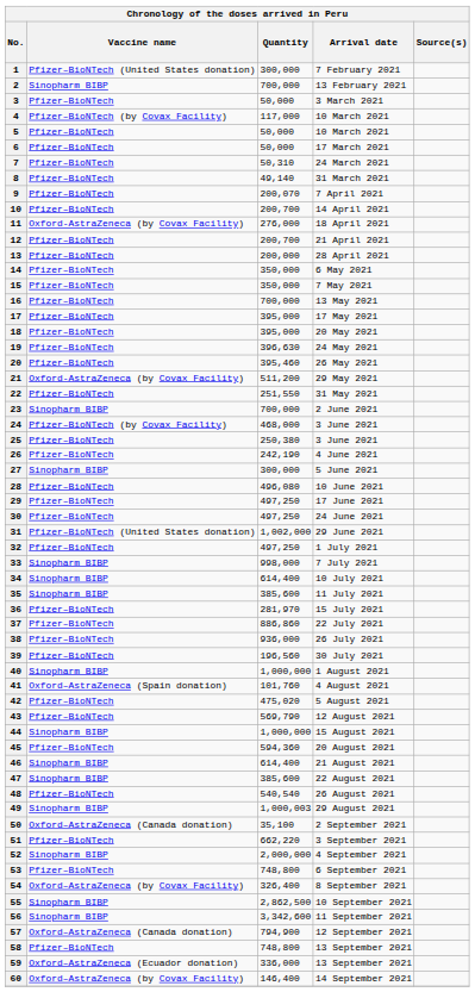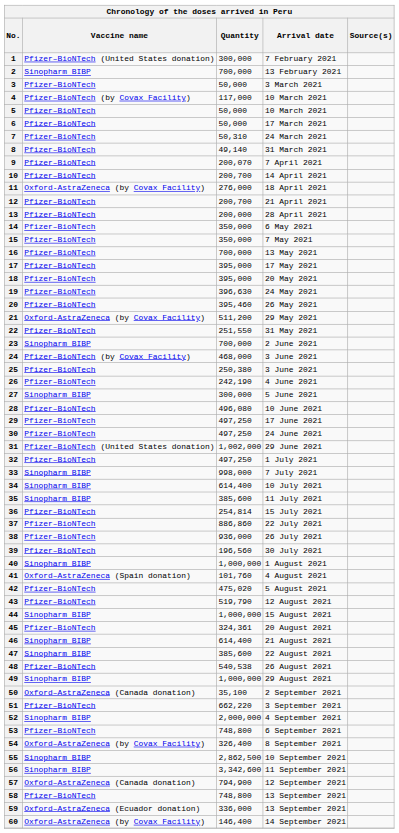 <table class="wikitable" style="display:inline-table">
 <tr>
 <th colspan=5>Chronology of the doses arrived in Peru</th>
 </tr>
 <tr>
 <th height= 50.5>No.</th>
 <th>Vaccine name</th>
 <th>Quantity</th>
 <th>Arrival date</th>
 <th>Source(s)</th>
 </tr>
 <tr>
 <th>1</th>
 <td><a href='#'>Pfizer–BioNTech</a> (United States donation)</td>
 <td>300,000</td>
 <td>7 February 2021</td>
 <td></td>
 </tr>
 <tr>
 <th>2</th>
 <td><a href='#'>Sinopharm BIBP</a></td>
 <td>700,000</td>
 <td>13 February 2021</td>
 <td></td>
 </tr>
 <tr>
 <th>3</th>
 <td><a href='#'>Pfizer–BioNTech</a></td>
 <td>50,000</td>
 <td>3 March 2021</td>
 <td></td>
 </tr>
 <tr>
 <th>4</th>
 <td><a href='#'>Pfizer–BioNTech</a> (by <a href='#'>Covax Facility</a>)</td>
 <td>117,000</td>
 <td>10 March 2021</td>
 <td></td>
 </tr>
 <tr>
 <th>5</th>
 <td><a href='#'>Pfizer–BioNTech</a></td>
 <td>50,000</td>
 <td>10 March 2021</td>
 <td></td>
 </tr>
 <tr>
 <th>6</th>
 <td><a href='#'>Pfizer–BioNTech</a></td>
 <td>50,000</td>
 <td>17 March 2021</td>
 <td></td>
 </tr>
 <tr>
 <th>7</th>
 <td><a href='#'>Pfizer–BioNTech</a></td>
 <td>50,310</td>
 <td>24 March 2021</td>
 <td></td>
 </tr>
 <tr>
 <th>8</th>
 <td><a href='#'>Pfizer–BioNTech</a></td>
 <td>49,140</td>
 <td>31 March 2021</td>
 <td></td>
 </tr>
 <tr>
 <th>9</th>
 <td><a href='#'>Pfizer–BioNTech</a></td>
 <td>200,070</td>
 <td>7 April 2021</td>
 <td></td>
 </tr>
 <tr>
 <th>10</th>
 <td><a href='#'>Pfizer–BioNTech</a></td>
 <td>200,700</td>
 <td>14 April 2021</td>
 <td></td>
 </tr>
 <tr>
 <th>11</th>
 <td><a href='#'>Oxford-AstraZeneca</a> (by <a href='#'>Covax Facility</a>)</td>
 <td>276,000</td>
 <td>18 April 2021</td>
 <td></td>
 </tr>
 <tr>
 <th>12</th>
 <td><a href='#'>Pfizer–BioNTech</a></td>
 <td>200,700</td>
 <td>21 April 2021</td>
 <td></td>
 </tr>
 <tr>
 <th>13</th>
 <td><a href='#'>Pfizer–BioNTech</a></td>
 <td>200,000</td>
 <td>28 April 2021</td>
 <td></td>
 </tr>
 <tr>
 <th>14</th>
 <td><a href='#'>Pfizer–BioNTech</a></td>
 <td>350,000</td>
 <td>6 May 2021</td>
 <td></td>
 </tr>
 <tr>
 <th>15</th>
 <td><a href='#'>Pfizer–BioNTech</a></td>
 <td>350,000</td>
 <td>7 May 2021</td>
 <td></td>
 </tr>
 <tr>
 <th>16</th>
 <td><a href='#'>Pfizer–BioNTech</a></td>
 <td>700,000</td>
 <td>13 May 2021</td>
 <td></td>
 </tr>
 <tr>
 <th>17</th>
 <td><a href='#'>Pfizer–BioNTech</a></td>
 <td>395,000</td>
 <td>17 May 2021</td>
 <td></td>
 </tr>
 <tr>
 <th>18</th>
 <td><a href='#'>Pfizer–BioNTech</a></td>
 <td>395,000</td>
 <td>20 May 2021</td>
 <td></td>
 </tr>
 <tr>
 <th>19</th>
 <td><a href='#'>Pfizer–BioNTech</a></td>
 <td>396,630</td>
 <td>24 May 2021</td>
 <td></td>
 </tr>
 <tr>
 <th>20</th>
 <td><a href='#'>Pfizer–BioNTech</a></td>
 <td>395,460</td>
 <td>26 May 2021</td>
 <td></td>
 </tr>
 <tr>
 <th>21</th>
 <td><a href='#'>Oxford-AstraZeneca</a> (by <a href='#'>Covax Facility</a>)</td>
 <td>511,200</td>
 <td>29 May 2021</td>
 <td></td>
 </tr>
 <tr>
 <th>22</th>
 <td><a href='#'>Pfizer–BioNTech</a></td>
 <td>251,550</td>
 <td>31 May 2021</td>
 <td></td>
 </tr>
 <tr>
 <th>23</th>
 <td><a href='#'>Sinopharm BIBP</a></td>
 <td>700,000</td>
 <td>2 June 2021</td>
 <td></td>
 </tr>
 <tr>
 <th>24</th>
 <td><a href='#'>Pfizer–BioNTech</a> (by <a href='#'>Covax Facility</a>)</td>
 <td>468,000</td>
 <td>3 June 2021</td>
 <td></td>
 </tr>
 <tr>
 <th>25</th>
 <td><a href='#'>Pfizer–BioNTech</a></td>
 <td>250,380</td>
 <td>3 June 2021</td>
 <td></td>
 </tr>
 <tr>
 <th>26</th>
 <td><a href='#'>Pfizer–BioNTech</a></td>
 <td>242,190</td>
 <td>4 June 2021</td>
 <td></td>
 </tr>
 <tr>
 <th>27</th>
 <td><a href='#'>Sinopharm BIBP</a></td>
 <td>300,000</td>
 <td>5 June 2021</td>
 <td></td>
 </tr>
 <tr>
 <th>28</th>
 <td><a href='#'>Pfizer–BioNTech</a></td>
 <td>496,080</td>
 <td>10 June 2021</td>
 <td></td>
 </tr>
 <tr>
 <th>29</th>
 <td><a href='#'>Pfizer–BioNTech</a></td>
 <td>497,250</td>
 <td>17 June 2021</td>
 <td></td>
 </tr>
 <tr>
 <th>30</th>
 <td><a href='#'>Pfizer–BioNTech</a></td>
 <td>497,250</td>
 <td>24 June 2021</td>
 <td></td>
 </tr>
 <tr>
 <th>31</th>
 <td><a href='#'>Pfizer–BioNTech</a> (United States donation)</td>
 <td>1,002,000</td>
 <td>29 June 2021</td>
 <td></td>
 </tr>
 <tr>
 <th>32</th>
 <td><a href='#'>Pfizer–BioNTech</a></td>
 <td>497,250</td>
 <td>1 July 2021</td>
 <td></td>
 </tr>
 <tr>
 <th>33</th>
 <td><a href='#'>Sinopharm BIBP</a></td>
 <td>998,000</td>
 <td>7 July 2021</td>
 <td></td>
 </tr>
 <tr>
 <th>34</th>
 <td><a href='#'>Sinopharm BIBP</a></td>
 <td>614,400</td>
 <td>10 July 2021</td>
 <td></td>
 </tr>
 <tr>
 <th>35</th>
 <td><a href='#'>Sinopharm BIBP</a></td>
 <td>385,600</td>
 <td>11 July 2021</td>
 <td></td>
 </tr>
 <tr>
 <th>36</th>
 <td><a href='#'>Pfizer–BioNTech</a></td>
-<td>281,970</td>
+<td>254,814</td>
 <td>15 July 2021</td>
 <td></td>
 </tr>
 <tr>
 <th>37</th>
 <td><a href='#'>Pfizer–BioNTech</a></td>
 <td>886,860</td>
 <td>22 July 2021</td>
 <td></td>
 </tr>
 <tr>
 <th>38</th>
 <td><a href='#'>Pfizer–BioNTech</a></td>
 <td>936,000</td>
 <td>26 July 2021</td>
 <td></td>
 </tr>
 <tr>
 <th>39</th>
 <td><a href='#'>Pfizer–BioNTech</a></td>
 <td>196,560</td>
 <td>30 July 2021</td>
 <td></td>
 </tr>
 <tr>
 <th>40</th>
 <td><a href='#'>Sinopharm BIBP</a></td>
 <td>1,000,000</td>
 <td>1 August 2021</td>
 <td></td>
 </tr>
 <tr>
 <th>41</th>
 <td><a href='#'>Oxford–AstraZeneca</a> (Spain donation)</td>
 <td>101,760</td>
 <td>4 August 2021</td>
 <td></td>
 </tr>
 <tr>
 <th>42</th>
 <td><a href='#'>Pfizer–BioNTech</a></td>
 <td>475,020</td>
 <td>5 August 2021</td>
 <td></td>
 </tr>
 <tr>
 <th>43</th>
 <td><a href='#'>Pfizer–BioNTech</a></td>
-<td>569,790</td>
+<td>519,790</td>
 <td>12 August 2021</td>
 <td></td>
 </tr>
 <tr>
 <th>44</th>
 <td><a href='#'>Sinopharm BIBP</a></td>
 <td>1,000,000</td>
 <td>15 August 2021</td>
 <td></td>
 </tr>
 <tr>
 <th>45</th>
 <td><a href='#'>Pfizer–BioNTech</a></td>
-<td>594,360</td>
+<td>324,361</td>
 <td>20 August 2021</td>
 <td></td>
 </tr>
 <tr>
 <th>46</th>
 <td><a href='#'>Sinopharm BIBP</a></td>
 <td>614,400</td>
 <td>21 August 2021</td>
 <td></td>
 </tr>
 <tr>
 <th>47</th>
 <td><a href='#'>Sinopharm BIBP</a></td>
 <td>385,600</td>
 <td>22 August 2021</td>
 <td></td>
 </tr>
 <tr>
 <th>48</th>
 <td><a href='#'>Pfizer–BioNTech</a></td>
-<td>540,540</td>
+<td>540,538</td>
 <td>26 August 2021</td>
 <td></td>
 </tr>
 <tr>
 <th>49</th>
 <td><a href='#'>Sinopharm BIBP</a></td>
-<td>1,000,003</td>
+<td>1,000,000</td>
 <td>29 August 2021</td>
 <td></td>
 </tr>
 <tr>
 <th>50</th>
 <td><a href='#'>Oxford–AstraZeneca</a> (Canada donation)</td>
 <td>35,100</td>
 <td>2 September 2021</td>
 <td></td>
 </tr>
 <tr>
 <th>51</th>
 <td><a href='#'>Pfizer–BioNTech</a></td>
 <td>662,220</td>
 <td>3 September 2021</td>
 <td></td>
 </tr>
 <tr>
 <th>52</th>
 <td><a href='#'>Sinopharm BIBP</a></td>
 <td>2,000,000</td>
 <td>4 September 2021</td>
 <td></td>
 </tr>
 <tr>
 <th>53</th>
 <td><a href='#'>Pfizer–BioNTech</a></td>
 <td>748,800</td>
 <td>6 September 2021</td>
 <td></td>
 </tr>
 <tr>
 <th>54</th>
 <td><a href='#'>Oxford–AstraZeneca</a> (by <a href='#'>Covax Facility</a>)</td>
 <td>326,400</td>
 <td>8 September 2021</td>
 <td></td>
 </tr>
 <tr>
 <th>55</th>
 <td><a href='#'>Sinopharm BIBP</a></td>
 <td>2,862,500</td>
 <td>10 September 2021</td>
 <td></td>
 </tr>
 <tr>
 <th>56</th>
 <td><a href='#'>Sinopharm BIBP</a></td>
 <td>3,342,600</td>
 <td>11 September 2021</td>
 <td></td>
 </tr>
 <tr>
 <th>57</th>
 <td><a href='#'>Oxford–AstraZeneca</a> (Canada donation)</td>
 <td>794,900</td>
 <td>12 September 2021</td>
 <td></td>
 </tr>
 <tr>
 <th>58</th>
 <td><a href='#'>Pfizer–BioNTech</a></td>
 <td>748,800</td>
 <td>13 September 2021</td>
 <td></td>
 </tr>
 <tr>
 <th>59</th>
 <td><a href='#'>Oxford–AstraZeneca</a> (Ecuador donation)</td>
 <td>336,000</td>
 <td>13 September 2021</td>
 <td></td>
 </tr>
 <tr>
 <th>60</th>
 <td><a href='#'>Oxford–AstraZeneca</a> (by <a href='#'>Covax Facility</a>)</td>
 <td>146,400</td>
 <td>14 September 2021</td>
 <td></td>
 </tr>
 <tr>
 </tr>
 </table>
